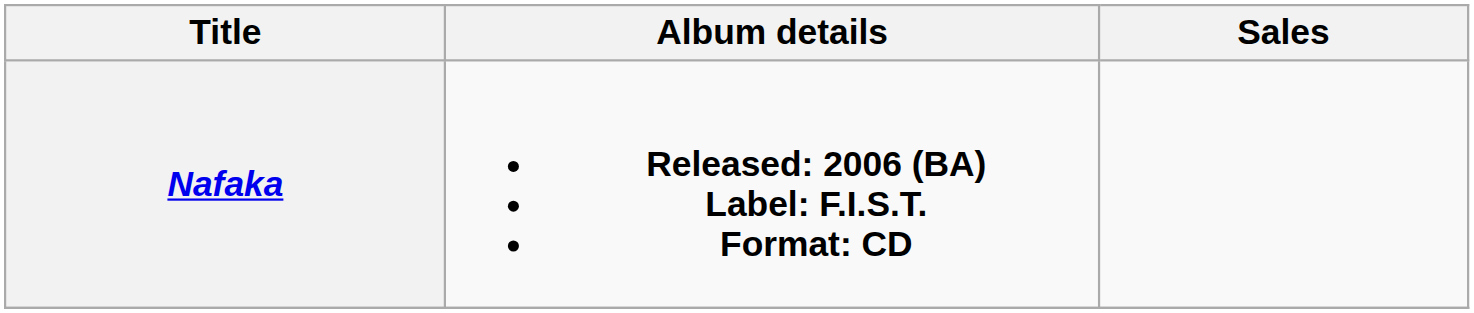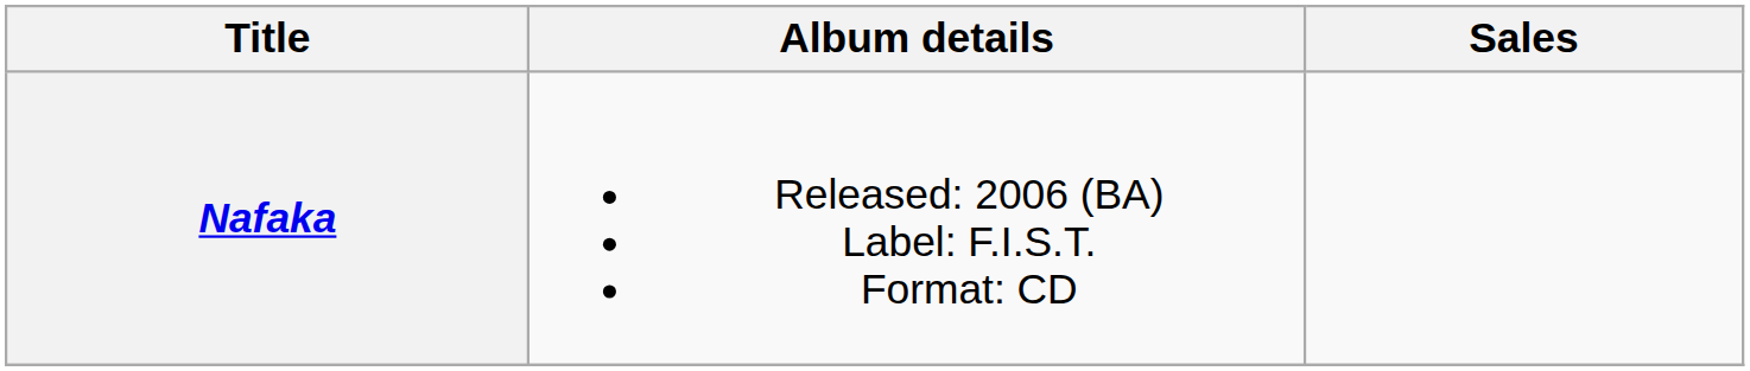 <table class="wikitable plainrowheaders" style="text-align:center;">
 <tr>
 <th scope="col" style="width:12em;">Title</th>
 <th scope="col" style="width:18em;">Album details</th>
 <th scope="col" style="width:10em;">Sales</th>
 </tr>
 <tr>
 <th scope="row"><em><a href='#'>Nafaka</a></em></th>
-<td><strong><br><ul><li>Released: 2006 <span>(BA)</span></li><li>Label: F.I.S.T.</li><li>Format: CD</li></ul></strong></td>
+<td><br><ul><li>Released: 2006 <span>(BA)</span></li><li>Label: F.I.S.T.</li><li>Format: CD</li></ul></td>
 <td></td>
 </tr>
 <tr>
 </tr>
 </table>
